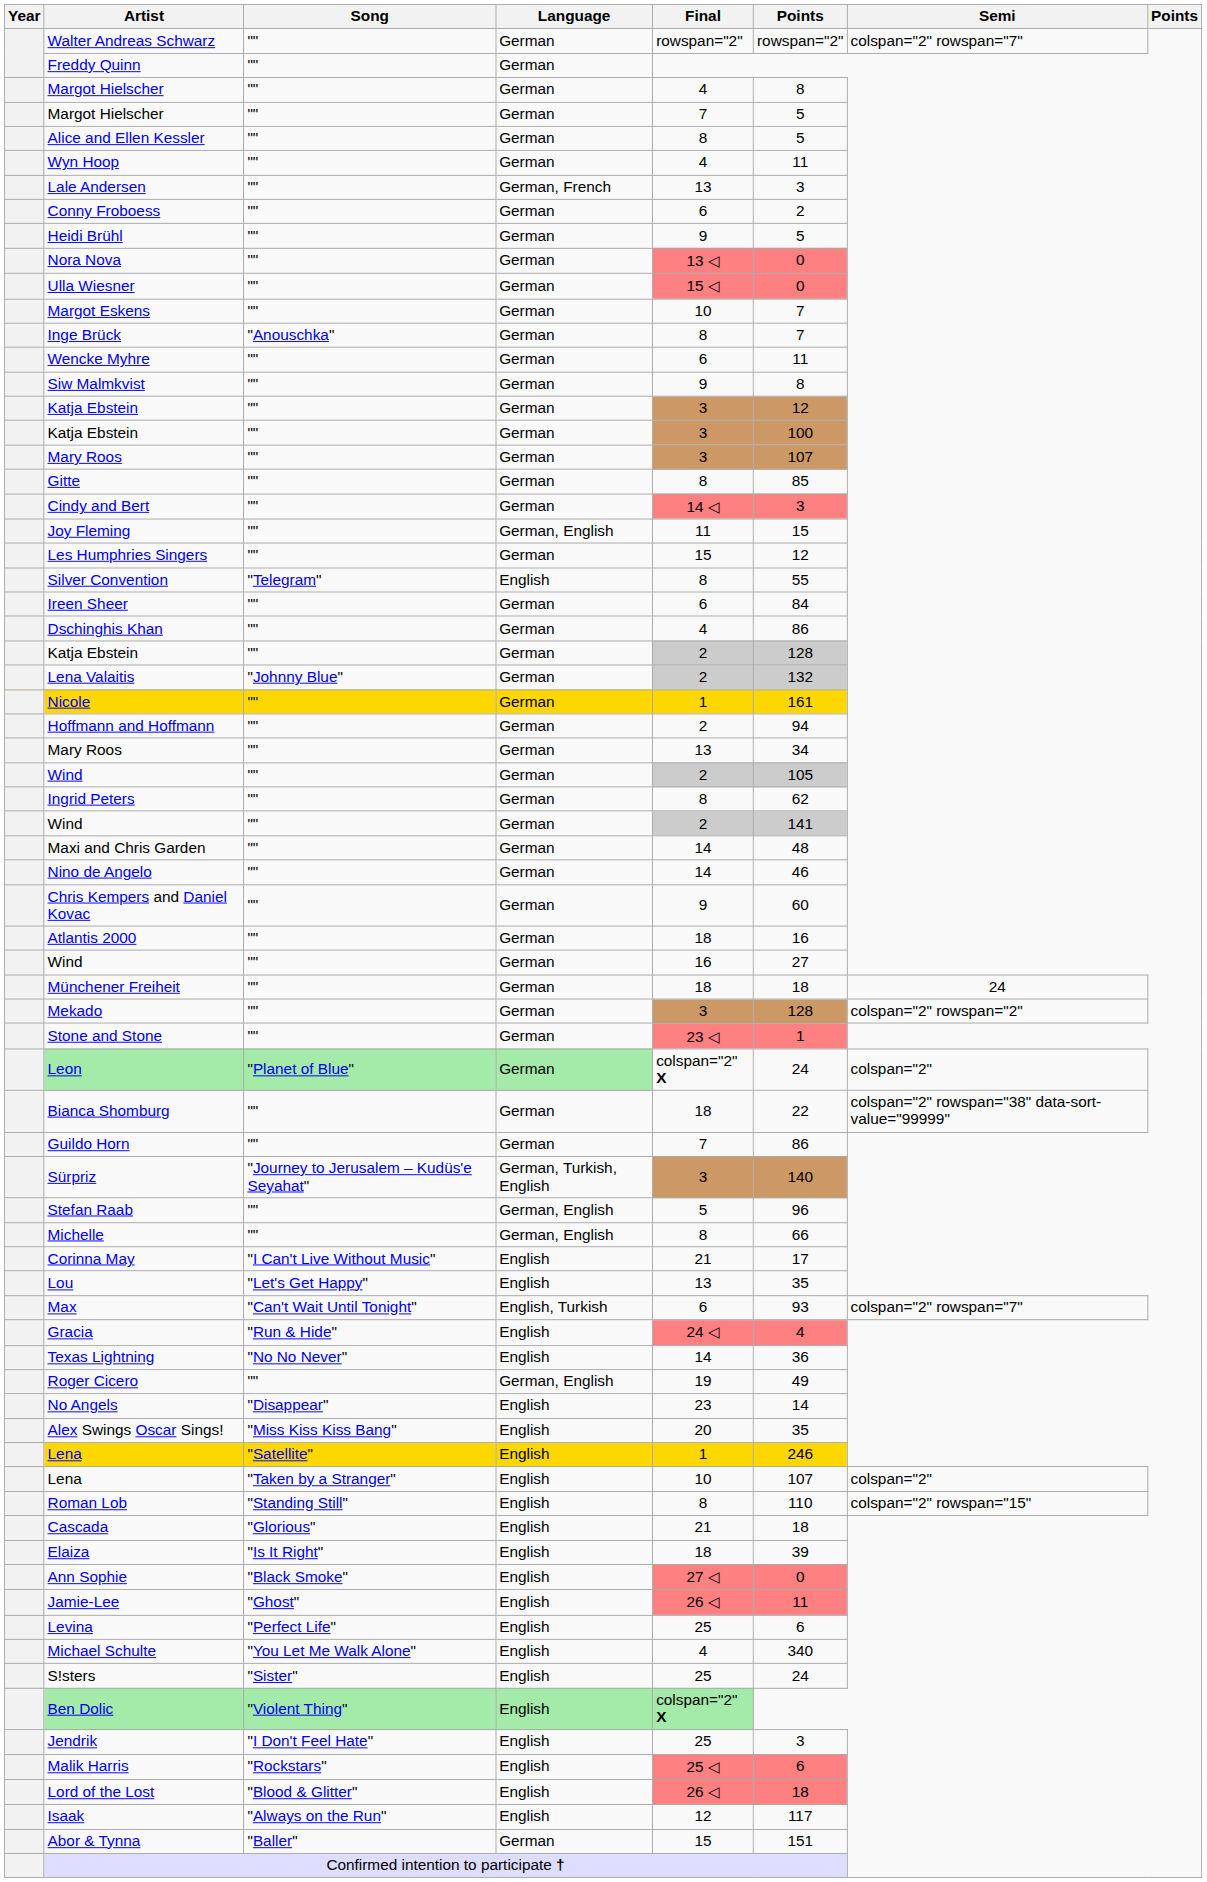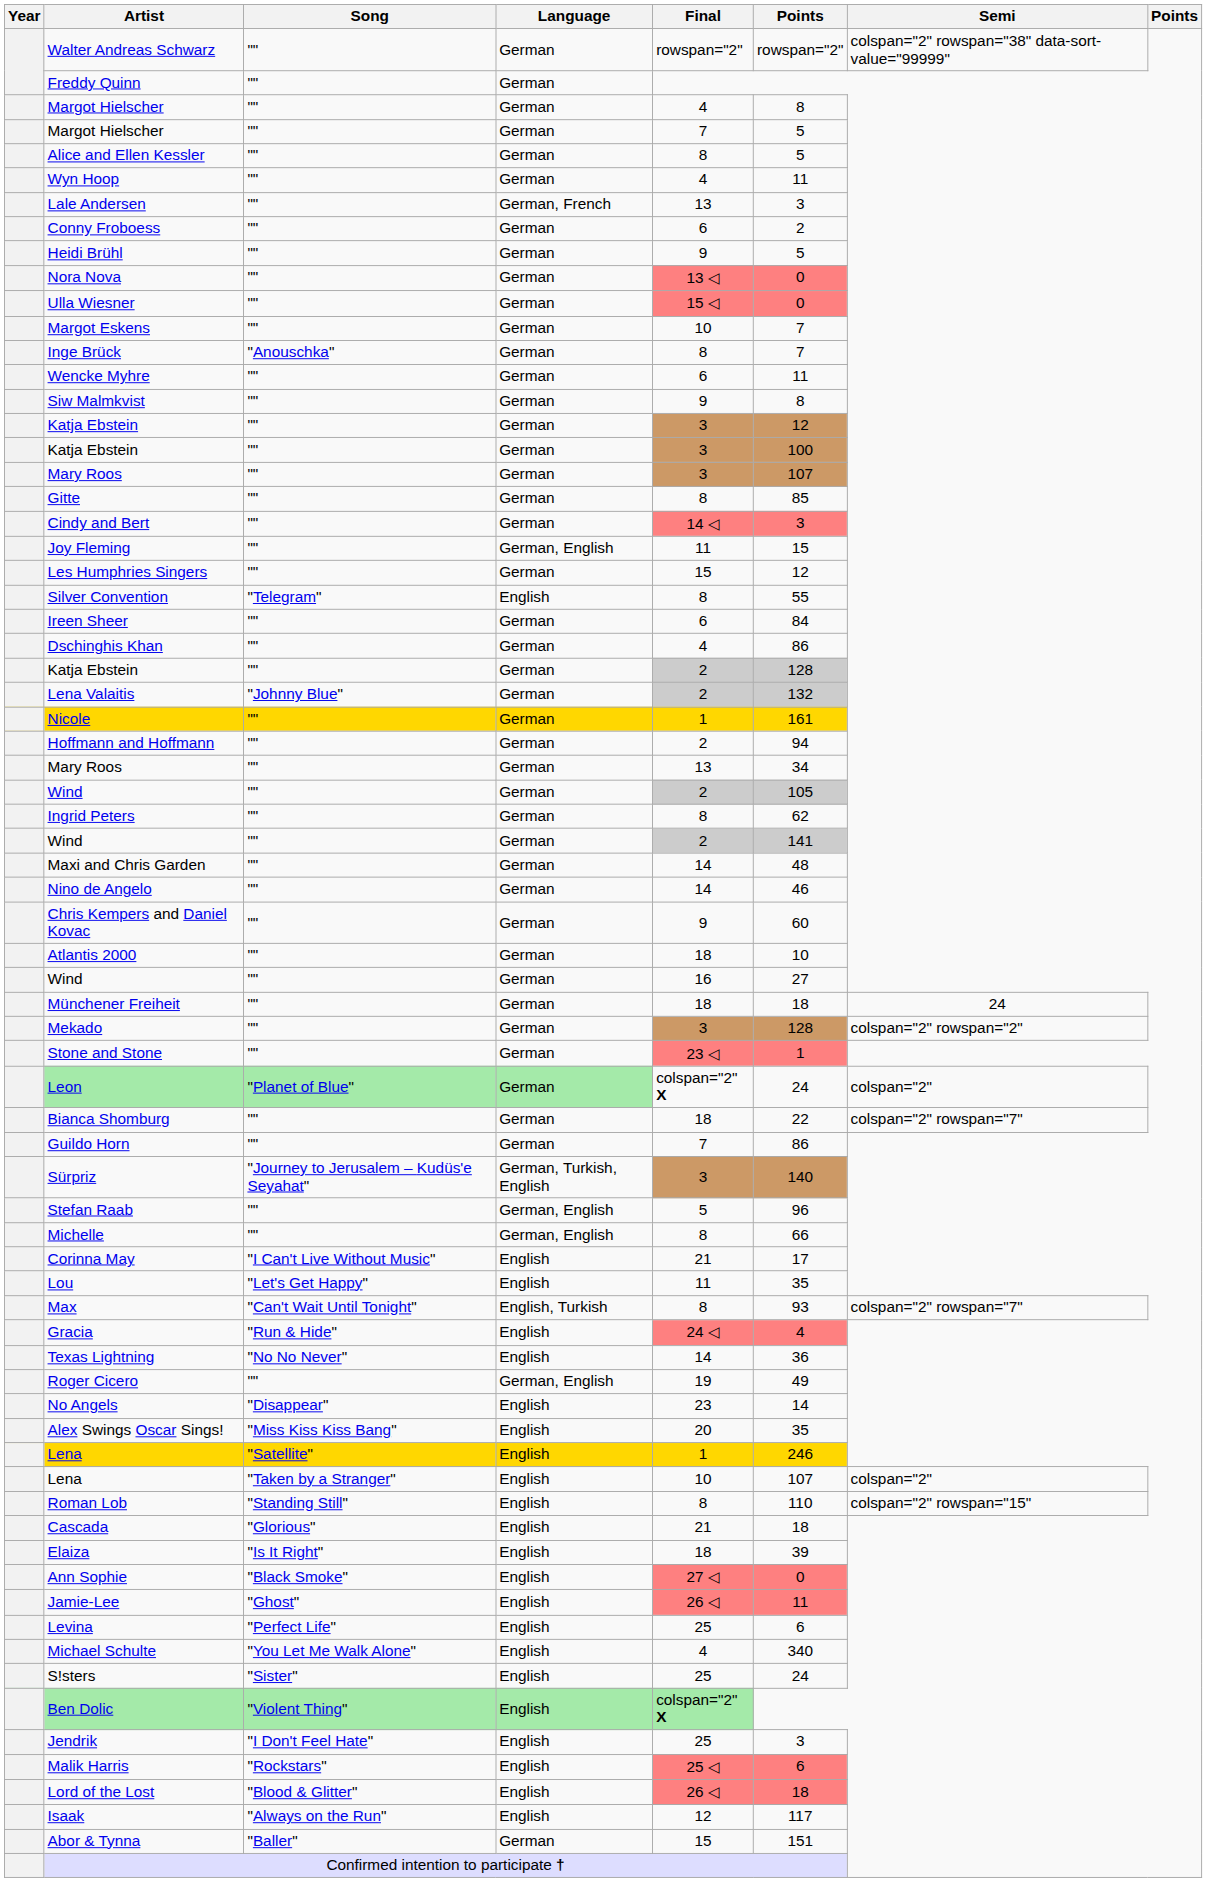 <table class="wikitable sortable plainrowheaders">
 <tr>
 <th scope="col">Year</th>
 <th scope="col">Artist</th>
 <th scope="col">Song</th>
 <th scope="col">Language</th>
 <th scope="col" data-sort-type="number">Final</th>
 <th scope="col" data-sort-type="number">Points</th>
 <th scope="col" class="unsortable">Semi</th>
 <th scope="col" class="unsortable">Points</th>
 </tr>
 <tr>
 <th scope="row" rowspan="2" style="text-align:center;"></th>
 <td><a href='#'>Walter Andreas Schwarz</a></td>
 <td>""</td>
 <td>German</td>
 <td>rowspan="2" </td>
 <td>rowspan="2" </td>
-<td>colspan="2" rowspan="7" </td>
+<td>colspan="2" rowspan="38" data-sort-value="99999" </td>
 </tr>
 <tr>
 <td><a href='#'>Freddy Quinn</a></td>
 <td>""</td>
 <td>German</td>
 </tr>
 <tr>
 <th scope="row" style="text-align:center;"></th>
 <td><a href='#'>Margot Hielscher</a></td>
 <td>""</td>
 <td>German</td>
 <td style="text-align:center;">4</td>
 <td style="text-align:center;">8</td>
 </tr>
 <tr>
 <th scope="row" style="text-align:center;"></th>
 <td>Margot Hielscher</td>
 <td>""</td>
 <td>German</td>
 <td style="text-align:center;">7</td>
 <td style="text-align:center;">5</td>
 </tr>
 <tr>
 <th scope="row" style="text-align:center;"></th>
 <td><a href='#'>Alice and Ellen Kessler</a></td>
 <td>""</td>
 <td>German</td>
 <td style="text-align:center;">8</td>
 <td style="text-align:center;">5</td>
 </tr>
 <tr>
 <th scope="row" style="text-align:center;"></th>
 <td><a href='#'>Wyn Hoop</a></td>
 <td>""</td>
 <td>German</td>
 <td style="text-align:center;">4</td>
 <td style="text-align:center;">11</td>
 </tr>
 <tr>
 <th scope="row" style="text-align:center;"></th>
 <td><a href='#'>Lale Andersen</a></td>
 <td>""</td>
 <td>German, French</td>
 <td style="text-align:center;">13</td>
 <td style="text-align:center;">3</td>
 </tr>
 <tr>
 <th scope="row" style="text-align:center;"></th>
 <td><a href='#'>Conny Froboess</a></td>
 <td>""</td>
 <td>German</td>
 <td style="text-align:center;">6</td>
 <td style="text-align:center;">2</td>
 </tr>
 <tr>
 <th scope="row" style="text-align:center;"></th>
 <td><a href='#'>Heidi Brühl</a></td>
 <td>""</td>
 <td>German</td>
 <td style="text-align:center;">9</td>
 <td style="text-align:center;">5</td>
 </tr>
 <tr>
 <th scope="row" style="text-align:center;"></th>
 <td><a href='#'>Nora Nova</a></td>
 <td>""</td>
 <td>German</td>
 <td style="text-align:center; background-color:#FE8080;">13 ◁</td>
 <td style="text-align:center; background-color:#FE8080;">0</td>
 </tr>
 <tr>
 <th scope="row" style="text-align:center;"></th>
 <td><a href='#'>Ulla Wiesner</a></td>
 <td>""</td>
 <td>German</td>
 <td style="text-align:center; background-color:#FE8080;">15 ◁</td>
 <td style="text-align:center; background-color:#FE8080;">0</td>
 </tr>
 <tr>
 <th scope="row" style="text-align:center;"></th>
 <td><a href='#'>Margot Eskens</a></td>
 <td>""</td>
 <td>German</td>
 <td style="text-align:center;">10</td>
 <td style="text-align:center;">7</td>
 </tr>
 <tr>
 <th scope="row" style="text-align:center;"></th>
 <td><a href='#'>Inge Brück</a></td>
 <td>"<a href='#'>Anouschka</a>"</td>
 <td>German</td>
 <td style="text-align:center;">8</td>
 <td style="text-align:center;">7</td>
 </tr>
 <tr>
 <th scope="row" style="text-align:center;"></th>
 <td><a href='#'>Wencke Myhre</a></td>
 <td>""</td>
 <td>German</td>
 <td style="text-align:center;">6</td>
 <td style="text-align:center;">11</td>
 </tr>
 <tr>
 <th scope="row" style="text-align:center;"></th>
 <td><a href='#'>Siw Malmkvist</a></td>
 <td>""</td>
 <td>German</td>
 <td style="text-align:center;">9</td>
 <td style="text-align:center;">8</td>
 </tr>
 <tr>
 <th scope="row" style="text-align:center;"></th>
 <td><a href='#'>Katja Ebstein</a></td>
 <td>""</td>
 <td>German</td>
 <td style="text-align:center; background-color:#C96;">3</td>
 <td style="text-align:center; background-color:#C96;">12</td>
 </tr>
 <tr>
 <th scope="row" style="text-align:center;"></th>
 <td>Katja Ebstein</td>
 <td>""</td>
 <td>German</td>
 <td style="text-align:center; background-color:#C96;">3</td>
 <td style="text-align:center; background-color:#C96;">100</td>
 </tr>
 <tr>
 <th scope="row" style="text-align:center;"></th>
 <td><a href='#'>Mary Roos</a></td>
 <td>""</td>
 <td>German</td>
 <td style="text-align:center; background-color:#C96;">3</td>
 <td style="text-align:center; background-color:#C96;">107</td>
 </tr>
 <tr>
 <th scope="row" style="text-align:center;"></th>
 <td><a href='#'>Gitte</a></td>
 <td>""</td>
 <td>German</td>
 <td style="text-align:center;">8</td>
 <td style="text-align:center;">85</td>
 </tr>
 <tr>
 <th scope="row" style="text-align:center;"></th>
 <td><a href='#'>Cindy and Bert</a></td>
 <td>""</td>
 <td>German</td>
 <td style="text-align:center; background-color:#FE8080;">14 ◁</td>
 <td style="text-align:center; background-color:#FE8080;">3</td>
 </tr>
 <tr>
 <th scope="row" style="text-align:center;"></th>
 <td><a href='#'>Joy Fleming</a></td>
 <td>""</td>
 <td>German, English</td>
 <td style="text-align:center;">11</td>
 <td style="text-align:center;">15</td>
 </tr>
 <tr>
 <th scope="row" style="text-align:center;"></th>
 <td><a href='#'>Les Humphries Singers</a></td>
 <td>""</td>
 <td>German</td>
 <td style="text-align:center;">15</td>
 <td style="text-align:center;">12</td>
 </tr>
 <tr>
 <th scope="row" style="text-align:center;"></th>
 <td><a href='#'>Silver Convention</a></td>
 <td>"<a href='#'>Telegram</a>"</td>
 <td>English</td>
 <td style="text-align:center;">8</td>
 <td style="text-align:center;">55</td>
 </tr>
 <tr>
 <th scope="row" style="text-align:center;"></th>
 <td><a href='#'>Ireen Sheer</a></td>
 <td>""</td>
 <td>German</td>
 <td style="text-align:center;">6</td>
 <td style="text-align:center;">84</td>
 </tr>
 <tr>
 <th scope="row" style="text-align:center;"></th>
 <td><a href='#'>Dschinghis Khan</a></td>
 <td>""</td>
 <td>German</td>
 <td style="text-align:center;">4</td>
 <td style="text-align:center;">86</td>
 </tr>
 <tr>
 <th scope="row" style="text-align:center;"></th>
 <td>Katja Ebstein</td>
 <td>""</td>
 <td>German</td>
 <td style="text-align:center; background-color:#CCC;">2</td>
 <td style="text-align:center; background-color:#CCC;">128</td>
 </tr>
 <tr>
 <th scope="row" style="text-align:center;"></th>
 <td><a href='#'>Lena Valaitis</a></td>
 <td>"<a href='#'>Johnny Blue</a>"</td>
 <td>German</td>
 <td style="text-align:center; background-color:#CCC;">2</td>
 <td style="text-align:center; background-color:#CCC;">132</td>
 </tr>
 <tr style="background-color:#FFD700;">
 <th scope="row" style="text-align:center;"></th>
 <td><a href='#'>Nicole</a></td>
 <td>""</td>
 <td>German</td>
 <td style="text-align:center;">1</td>
 <td style="text-align:center;">161</td>
 </tr>
 <tr>
 <th scope="row" style="text-align:center;"></th>
 <td><a href='#'>Hoffmann and Hoffmann</a></td>
 <td>""</td>
 <td>German</td>
 <td style="text-align:center;">2</td>
 <td style="text-align:center;">94</td>
 </tr>
 <tr>
 <th scope="row" style="text-align:center;"></th>
 <td>Mary Roos</td>
 <td>""</td>
 <td>German</td>
 <td style="text-align:center;">13</td>
 <td style="text-align:center;">34</td>
 </tr>
 <tr>
 <th scope="row" style="text-align:center;"></th>
 <td><a href='#'>Wind</a></td>
 <td>""</td>
 <td>German</td>
 <td style="text-align:center; background-color:#CCC;">2</td>
 <td style="text-align:center; background-color:#CCC;">105</td>
 </tr>
 <tr>
 <th scope="row" style="text-align:center;"></th>
 <td><a href='#'>Ingrid Peters</a></td>
 <td>""</td>
 <td>German</td>
 <td style="text-align:center;">8</td>
 <td style="text-align:center;">62</td>
 </tr>
 <tr>
 <th scope="row" style="text-align:center;"></th>
 <td>Wind</td>
 <td>""</td>
 <td>German</td>
 <td style="text-align:center; background-color:#CCC;">2</td>
 <td style="text-align:center; background-color:#CCC;">141</td>
 </tr>
 <tr>
 <th scope="row" style="text-align:center;"></th>
 <td>Maxi and Chris Garden</td>
 <td>""</td>
 <td>German</td>
 <td style="text-align:center;">14</td>
 <td style="text-align:center;">48</td>
 </tr>
 <tr>
 <th scope="row" style="text-align:center;"></th>
 <td><a href='#'>Nino de Angelo</a></td>
 <td>""</td>
 <td>German</td>
 <td style="text-align:center;">14</td>
 <td style="text-align:center;">46</td>
 </tr>
 <tr>
 <th scope="row" style="text-align:center;"></th>
 <td><a href='#'>Chris Kempers</a> and <a href='#'>Daniel Kovac</a></td>
 <td>""</td>
 <td>German</td>
 <td style="text-align:center;">9</td>
 <td style="text-align:center;">60</td>
 </tr>
 <tr>
 <th scope="row" style="text-align:center;"></th>
 <td><a href='#'>Atlantis 2000</a></td>
 <td>""</td>
 <td>German</td>
 <td style="text-align:center;">18</td>
-<td style="text-align:center;">16</td>
+<td style="text-align:center;">10</td>
 </tr>
 <tr>
 <th scope="row" style="text-align:center;"></th>
 <td>Wind</td>
 <td>""</td>
 <td>German</td>
 <td style="text-align:center;">16</td>
 <td style="text-align:center;">27</td>
 </tr>
 <tr>
 <th scope="row" style="text-align:center;"></th>
 <td><a href='#'>Münchener Freiheit</a></td>
 <td>""</td>
 <td>German</td>
 <td style="text-align:center;">18</td>
 <td style="text-align:center;">18</td>
 <td style="text-align:center;">24</td>
 </tr>
 <tr>
 <th scope="row" style="text-align:center;"></th>
 <td><a href='#'>Mekado</a></td>
 <td>""</td>
 <td>German</td>
 <td style="text-align:center; background-color:#C96;">3</td>
 <td style="text-align:center; background-color:#C96;">128</td>
 <td>colspan="2" rowspan="2" </td>
 </tr>
 <tr>
 <th scope="row" style="text-align:center;"></th>
 <td><a href='#'>Stone and Stone</a></td>
 <td>""</td>
 <td>German</td>
 <td style="text-align:center; background-color:#FE8080;">23 ◁</td>
 <td style="text-align:center; background-color:#FE8080;">1</td>
 </tr>
 <tr>
 <th scope="row" style="text-align:center;"></th>
 <td style="background-color:#A4EAA9;"><a href='#'>Leon</a></td>
 <td style="background-color:#A4EAA9;">"<a href='#'>Planet of Blue</a>"</td>
 <td style="background-color:#A4EAA9;">German</td>
 <td>colspan="2"  <strong>X</strong></td>
 <td style="text-align:center;">24</td>
 <td>colspan="2" </td>
 </tr>
 <tr>
 <th scope="row" style="text-align:center;"></th>
 <td><a href='#'>Bianca Shomburg</a></td>
 <td>""</td>
 <td>German</td>
 <td style="text-align:center;">18</td>
 <td style="text-align:center;">22</td>
-<td>colspan="2" rowspan="38" data-sort-value="99999" </td>
+<td>colspan="2" rowspan="7" </td>
 </tr>
 <tr>
 <th scope="row" style="text-align:center;"></th>
 <td><a href='#'>Guildo Horn</a></td>
 <td>""</td>
 <td>German</td>
 <td style="text-align:center;">7</td>
 <td style="text-align:center;">86</td>
 </tr>
 <tr>
 <th scope="row" style="text-align:center;"></th>
 <td><a href='#'>Sürpriz</a></td>
 <td>"<a href='#'>Journey to Jerusalem – <span>Kudüs'e Seyahat</span></a>"</td>
 <td>German, Turkish, English</td>
 <td style="text-align:center; background-color:#C96;">3</td>
 <td style="text-align:center; background-color:#C96;">140</td>
 </tr>
 <tr>
 <th scope="row" style="text-align:center;"></th>
 <td><a href='#'>Stefan Raab</a></td>
 <td>""</td>
 <td>German, English</td>
 <td style="text-align:center;">5</td>
 <td style="text-align:center;">96</td>
 </tr>
 <tr>
 <th scope="row" style="text-align:center;"></th>
 <td><a href='#'>Michelle</a></td>
 <td>""</td>
 <td>German, English</td>
 <td style="text-align:center;">8</td>
 <td style="text-align:center;">66</td>
 </tr>
 <tr>
 <th scope="row" style="text-align:center;"></th>
 <td><a href='#'>Corinna May</a></td>
 <td>"<a href='#'>I Can't Live Without Music</a>"</td>
 <td>English</td>
 <td style="text-align:center;">21</td>
 <td style="text-align:center;">17</td>
 </tr>
 <tr>
 <th scope="row" style="text-align:center;"></th>
 <td><a href='#'>Lou</a></td>
 <td>"<a href='#'>Let's Get Happy</a>"</td>
 <td>English</td>
-<td style="text-align:center;">13</td>
+<td style="text-align:center;">11</td>
 <td style="text-align:center;">35</td>
 </tr>
 <tr>
 <th scope="row" style="text-align:center;"></th>
 <td><a href='#'>Max</a></td>
 <td>"<a href='#'>Can't Wait Until Tonight</a>"</td>
 <td>English, Turkish</td>
-<td style="text-align:center;">6</td>
+<td style="text-align:center;">8</td>
 <td style="text-align:center;">93</td>
 <td>colspan="2" rowspan="7" </td>
 </tr>
 <tr>
 <th scope="row" style="text-align:center;"></th>
 <td><a href='#'>Gracia</a></td>
 <td>"<a href='#'>Run & Hide</a>"</td>
 <td>English</td>
 <td style="text-align:center; background-color:#FE8080;">24 ◁</td>
 <td style="text-align:center; background-color:#FE8080;">4</td>
 </tr>
 <tr>
 <th scope="row" style="text-align:center;"></th>
 <td><a href='#'>Texas Lightning</a></td>
 <td>"<a href='#'>No No Never</a>"</td>
 <td>English</td>
 <td style="text-align:center;">14</td>
 <td style="text-align:center;">36</td>
 </tr>
 <tr>
 <th scope="row" style="text-align:center;"></th>
 <td><a href='#'>Roger Cicero</a></td>
 <td>""</td>
 <td>German, English</td>
 <td style="text-align:center;">19</td>
 <td style="text-align:center;">49</td>
 </tr>
 <tr>
 <th scope="row" style="text-align:center;"></th>
 <td><a href='#'>No Angels</a></td>
 <td>"<a href='#'>Disappear</a>"</td>
 <td>English</td>
 <td style="text-align:center;">23</td>
 <td style="text-align:center;">14</td>
 </tr>
 <tr>
 <th scope="row" style="text-align:center;"></th>
 <td><a href='#'>Alex</a> Swings <a href='#'>Oscar</a> Sings!</td>
 <td>"<a href='#'>Miss Kiss Kiss Bang</a>"</td>
 <td>English</td>
 <td style="text-align:center;">20</td>
 <td style="text-align:center;">35</td>
 </tr>
 <tr style="background-color:#FFD700;">
 <th scope="row" style="text-align:center;"></th>
 <td><a href='#'>Lena</a></td>
 <td>"<a href='#'>Satellite</a>"</td>
 <td>English</td>
 <td style="text-align:center;">1</td>
 <td style="text-align:center;">246</td>
 </tr>
 <tr>
 <th scope="row" style="text-align:center;"></th>
 <td>Lena</td>
 <td>"<a href='#'>Taken by a Stranger</a>"</td>
 <td>English</td>
 <td style="text-align:center;">10</td>
 <td style="text-align:center;">107</td>
 <td>colspan="2" </td>
 </tr>
 <tr>
 <th scope="row" style="text-align:center;"></th>
 <td><a href='#'>Roman Lob</a></td>
 <td>"<a href='#'>Standing Still</a>"</td>
 <td>English</td>
 <td style="text-align:center;">8</td>
 <td style="text-align:center;">110</td>
 <td>colspan="2" rowspan="15" </td>
 </tr>
 <tr>
 <th scope="row" style="text-align:center;"></th>
 <td><a href='#'>Cascada</a></td>
 <td>"<a href='#'>Glorious</a>"</td>
 <td>English</td>
 <td style="text-align:center;">21</td>
 <td style="text-align:center;">18</td>
 </tr>
 <tr>
 <th scope="row" style="text-align:center;"></th>
 <td><a href='#'>Elaiza</a></td>
 <td>"<a href='#'>Is It Right</a>"</td>
 <td>English</td>
 <td style="text-align:center;">18</td>
 <td style="text-align:center;">39</td>
 </tr>
 <tr>
 <th scope="row" style="text-align:center;"></th>
 <td><a href='#'>Ann Sophie</a></td>
 <td>"<a href='#'>Black Smoke</a>"</td>
 <td>English</td>
 <td style="text-align:center; background-color:#FE8080;">27 ◁</td>
 <td style="text-align:center; background-color:#FE8080;">0</td>
 </tr>
 <tr>
 <th scope="row" style="text-align:center;"></th>
 <td><a href='#'>Jamie-Lee</a></td>
 <td>"<a href='#'>Ghost</a>"</td>
 <td>English</td>
 <td style="text-align:center; background-color:#FE8080;">26 ◁</td>
 <td style="text-align:center; background-color:#FE8080;">11</td>
 </tr>
 <tr>
 <th scope="row" style="text-align:center;"></th>
 <td><a href='#'>Levina</a></td>
 <td>"<a href='#'>Perfect Life</a>"</td>
 <td>English</td>
 <td style="text-align:center;">25</td>
 <td style="text-align:center;">6</td>
 </tr>
 <tr>
 <th scope="row" style="text-align:center;"></th>
 <td><a href='#'>Michael Schulte</a></td>
 <td>"<a href='#'>You Let Me Walk Alone</a>"</td>
 <td>English</td>
 <td style="text-align:center;">4</td>
 <td style="text-align:center;">340</td>
 </tr>
 <tr>
 <th scope="row" style="text-align:center;"></th>
 <td>S!sters</td>
 <td>"<a href='#'>Sister</a>"</td>
 <td>English</td>
 <td style="text-align:center;">25</td>
 <td style="text-align:center;">24</td>
 </tr>
 <tr bgcolor="#A4EAA9">
 <th scope="row" style="text-align:center;"></th>
 <td><a href='#'>Ben Dolic</a></td>
 <td>"<a href='#'>Violent Thing</a>"</td>
 <td>English</td>
 <td>colspan="2"  <strong>X</strong></td>
 </tr>
 <tr>
 <th scope="row" style="text-align:center;"></th>
 <td><a href='#'>Jendrik</a></td>
 <td>"<a href='#'>I Don't Feel Hate</a>"</td>
 <td>English</td>
 <td style="text-align:center;">25</td>
 <td style="text-align:center;">3</td>
 </tr>
 <tr>
 <th scope="row" style="text-align:center;"></th>
 <td><a href='#'>Malik Harris</a></td>
 <td>"<a href='#'>Rockstars</a>"</td>
 <td>English</td>
 <td style="text-align:center; background-color:#FE8080;">25 ◁</td>
 <td style="text-align:center; background-color:#FE8080;">6</td>
 </tr>
 <tr>
 <th scope="row" style="text-align:center;"></th>
 <td><a href='#'>Lord of the Lost</a></td>
 <td>"<a href='#'>Blood & Glitter</a>"</td>
 <td>English</td>
 <td style="text-align:center; background-color:#FE8080;">26 ◁</td>
 <td style="text-align:center; background-color:#FE8080;">18</td>
 </tr>
 <tr>
 <th scope="row" style="text-align:center;"></th>
 <td><a href='#'>Isaak</a></td>
 <td>"<a href='#'>Always on the Run</a>"</td>
 <td>English</td>
 <td style="text-align:center;">12</td>
 <td style="text-align:center;">117</td>
 </tr>
 <tr>
 <th scope="row" style="text-align:center;"></th>
 <td><a href='#'>Abor & Tynna</a></td>
 <td>"<a href='#'>Baller</a>"</td>
 <td>German</td>
 <td style="text-align:center;">15</td>
 <td style="text-align:center;">151</td>
 </tr>
 <tr bgcolor=#ddf>
 <th scope="row" style="text-align:center;"></th>
 <td colspan="5" align="center">Confirmed intention to participate <strong>†</strong></td>
 </tr>
 </table>
